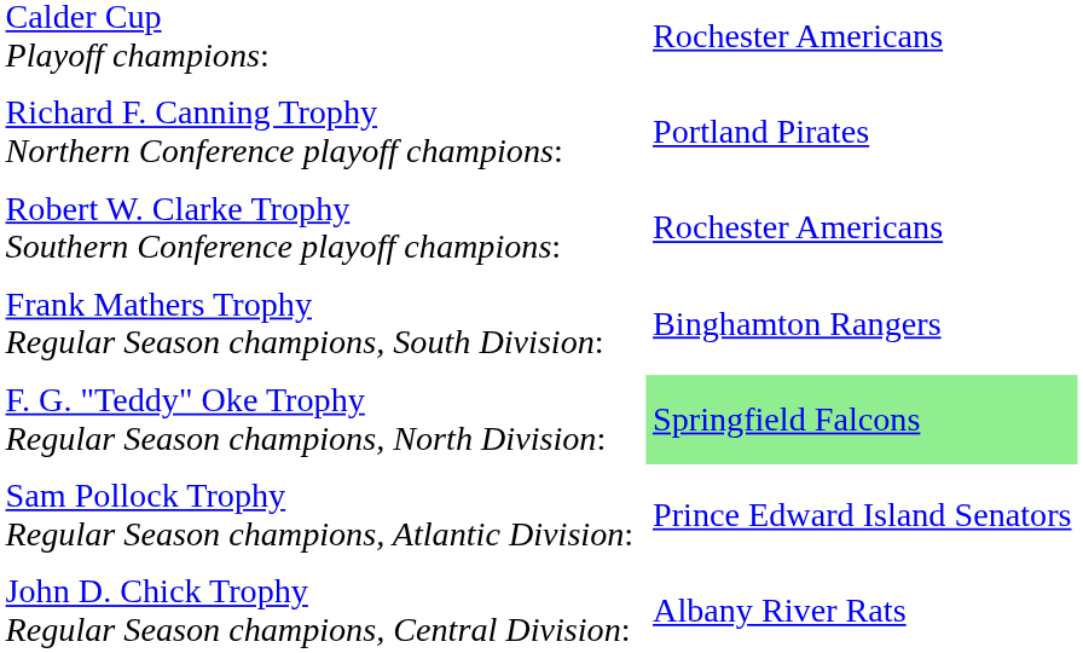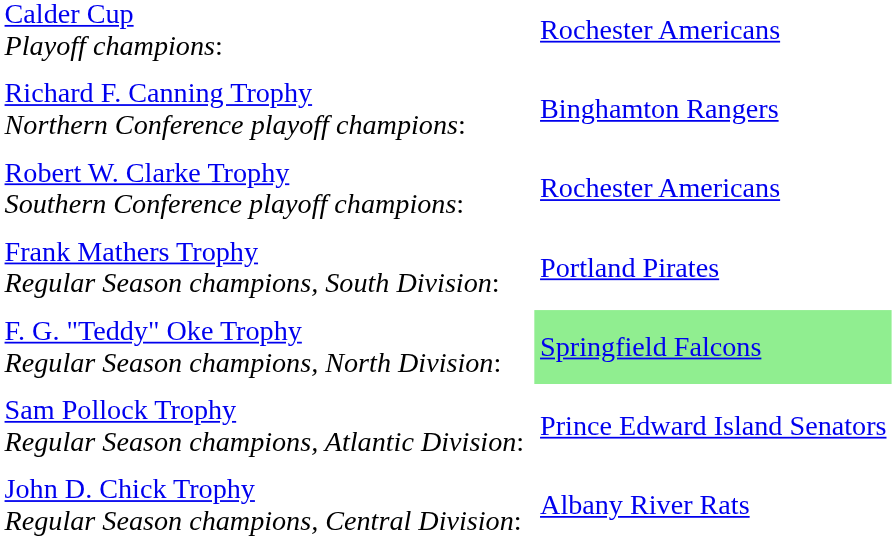 <table cellpadding="3" cellspacing="3">
 <tr>
 <td><a href='#'>Calder Cup</a><br><em>Playoff champions</em>:</td>
 <td><a href='#'>Rochester Americans</a></td>
 </tr>
 <tr>
 <td><a href='#'>Richard F. Canning Trophy</a><br><em>Northern Conference playoff champions</em>:</td>
-<td><a href='#'>Portland Pirates</a></td>
+<td><a href='#'>Binghamton Rangers</a></td>
 </tr>
 <tr>
 <td><a href='#'>Robert W. Clarke Trophy</a><br><em>Southern Conference playoff champions</em>:</td>
 <td><a href='#'>Rochester Americans</a></td>
 </tr>
 <tr>
 <td><a href='#'>Frank Mathers Trophy</a><br><em>Regular Season champions, South Division</em>:</td>
-<td><a href='#'>Binghamton Rangers</a></td>
+<td><a href='#'>Portland Pirates</a></td>
 </tr>
 <tr>
 <td><a href='#'>F. G. "Teddy" Oke Trophy</a><br><em>Regular Season champions, North Division</em>:</td>
 <td style="background: lightgreen;"><a href='#'>Springfield Falcons</a></td>
 </tr>
 <tr>
 <td><a href='#'>Sam Pollock Trophy</a><br><em>Regular Season champions, Atlantic Division</em>:</td>
 <td><a href='#'>Prince Edward Island Senators</a></td>
 </tr>
 <tr>
 <td><a href='#'>John D. Chick Trophy</a><br><em>Regular Season champions, Central Division</em>:</td>
 <td><a href='#'>Albany River Rats</a></td>
 </tr>
 </table>
